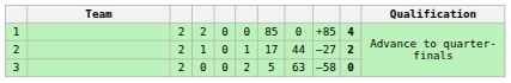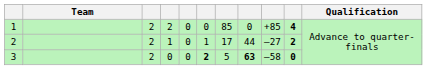 <table class="wikitable" style="text-align:center;">
 <tr>
 <th style="width:1.5em;"></th>
 <th style="width:12.5em">Team</th>
 <th style="width:1.5em;"></th>
 <th style="width:1.5em;"></th>
 <th style="width:1.5em;"></th>
 <th style="width:1.5em;"></th>
 <th style="width:2.0em;"></th>
 <th style="width:2.0em;"></th>
 <th style="width:2.0em;"></th>
 <th style="width:1.5em;"></th>
 <th style="width:12.5em">Qualification</th>
 </tr>
 <tr bgcolor="#bbf3bb">
 <td>1</td>
 <td align="left"></td>
 <td>2</td>
 <td>2</td>
 <td>0</td>
 <td>0</td>
 <td>85</td>
 <td>0</td>
 <td>+85</td>
 <td><strong>4</strong></td>
 <td bgcolor="#bbf3bb" rowspan=3>Advance to quarter-finals</td>
 </tr>
 <tr bgcolor="#bbf3bb">
 <td>2</td>
 <td align="left"></td>
 <td>2</td>
 <td>1</td>
 <td>0</td>
 <td>1</td>
 <td>17</td>
 <td>44</td>
 <td>–27</td>
 <td><strong>2</strong></td>
 </tr>
 <tr bgcolor="#bbf3bb">
 <td>3</td>
 <td align="left"></td>
 <td>2</td>
 <td>0</td>
 <td>0</td>
-<td>2</td>
+<td><strong>2</strong></td>
 <td>5</td>
-<td>63</td>
+<td><strong>63</strong></td>
 <td>–58</td>
 <td><strong>0</strong></td>
 </tr>
 </table>
